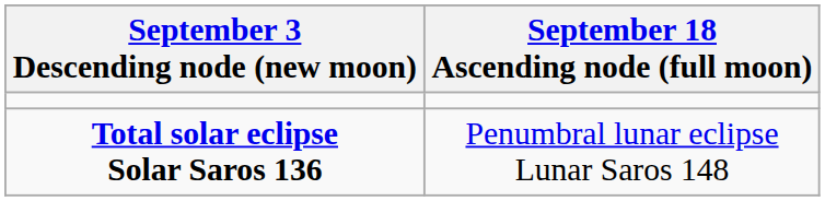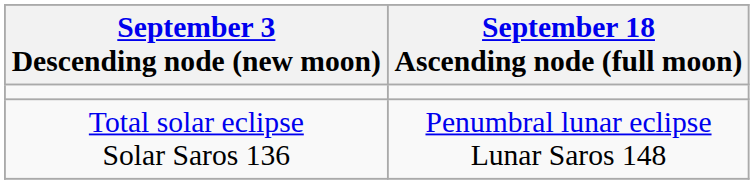 <table class="wikitable">
 <tr>
 <th><a href='#'>September 3</a><br>Descending node (new moon)<br></th>
 <th><a href='#'>September 18</a><br>Ascending node (full moon)<br></th>
 </tr>
 <tr>
 <td></td>
 <td></td>
 </tr>
 <tr align=center>
-<td><strong><a href='#'>Total solar eclipse</a><br>Solar Saros 136</strong></td>
+<td><a href='#'>Total solar eclipse</a><br>Solar Saros 136</td>
 <td><a href='#'>Penumbral lunar eclipse</a><br>Lunar Saros 148</td>
 </tr>
 </table>
